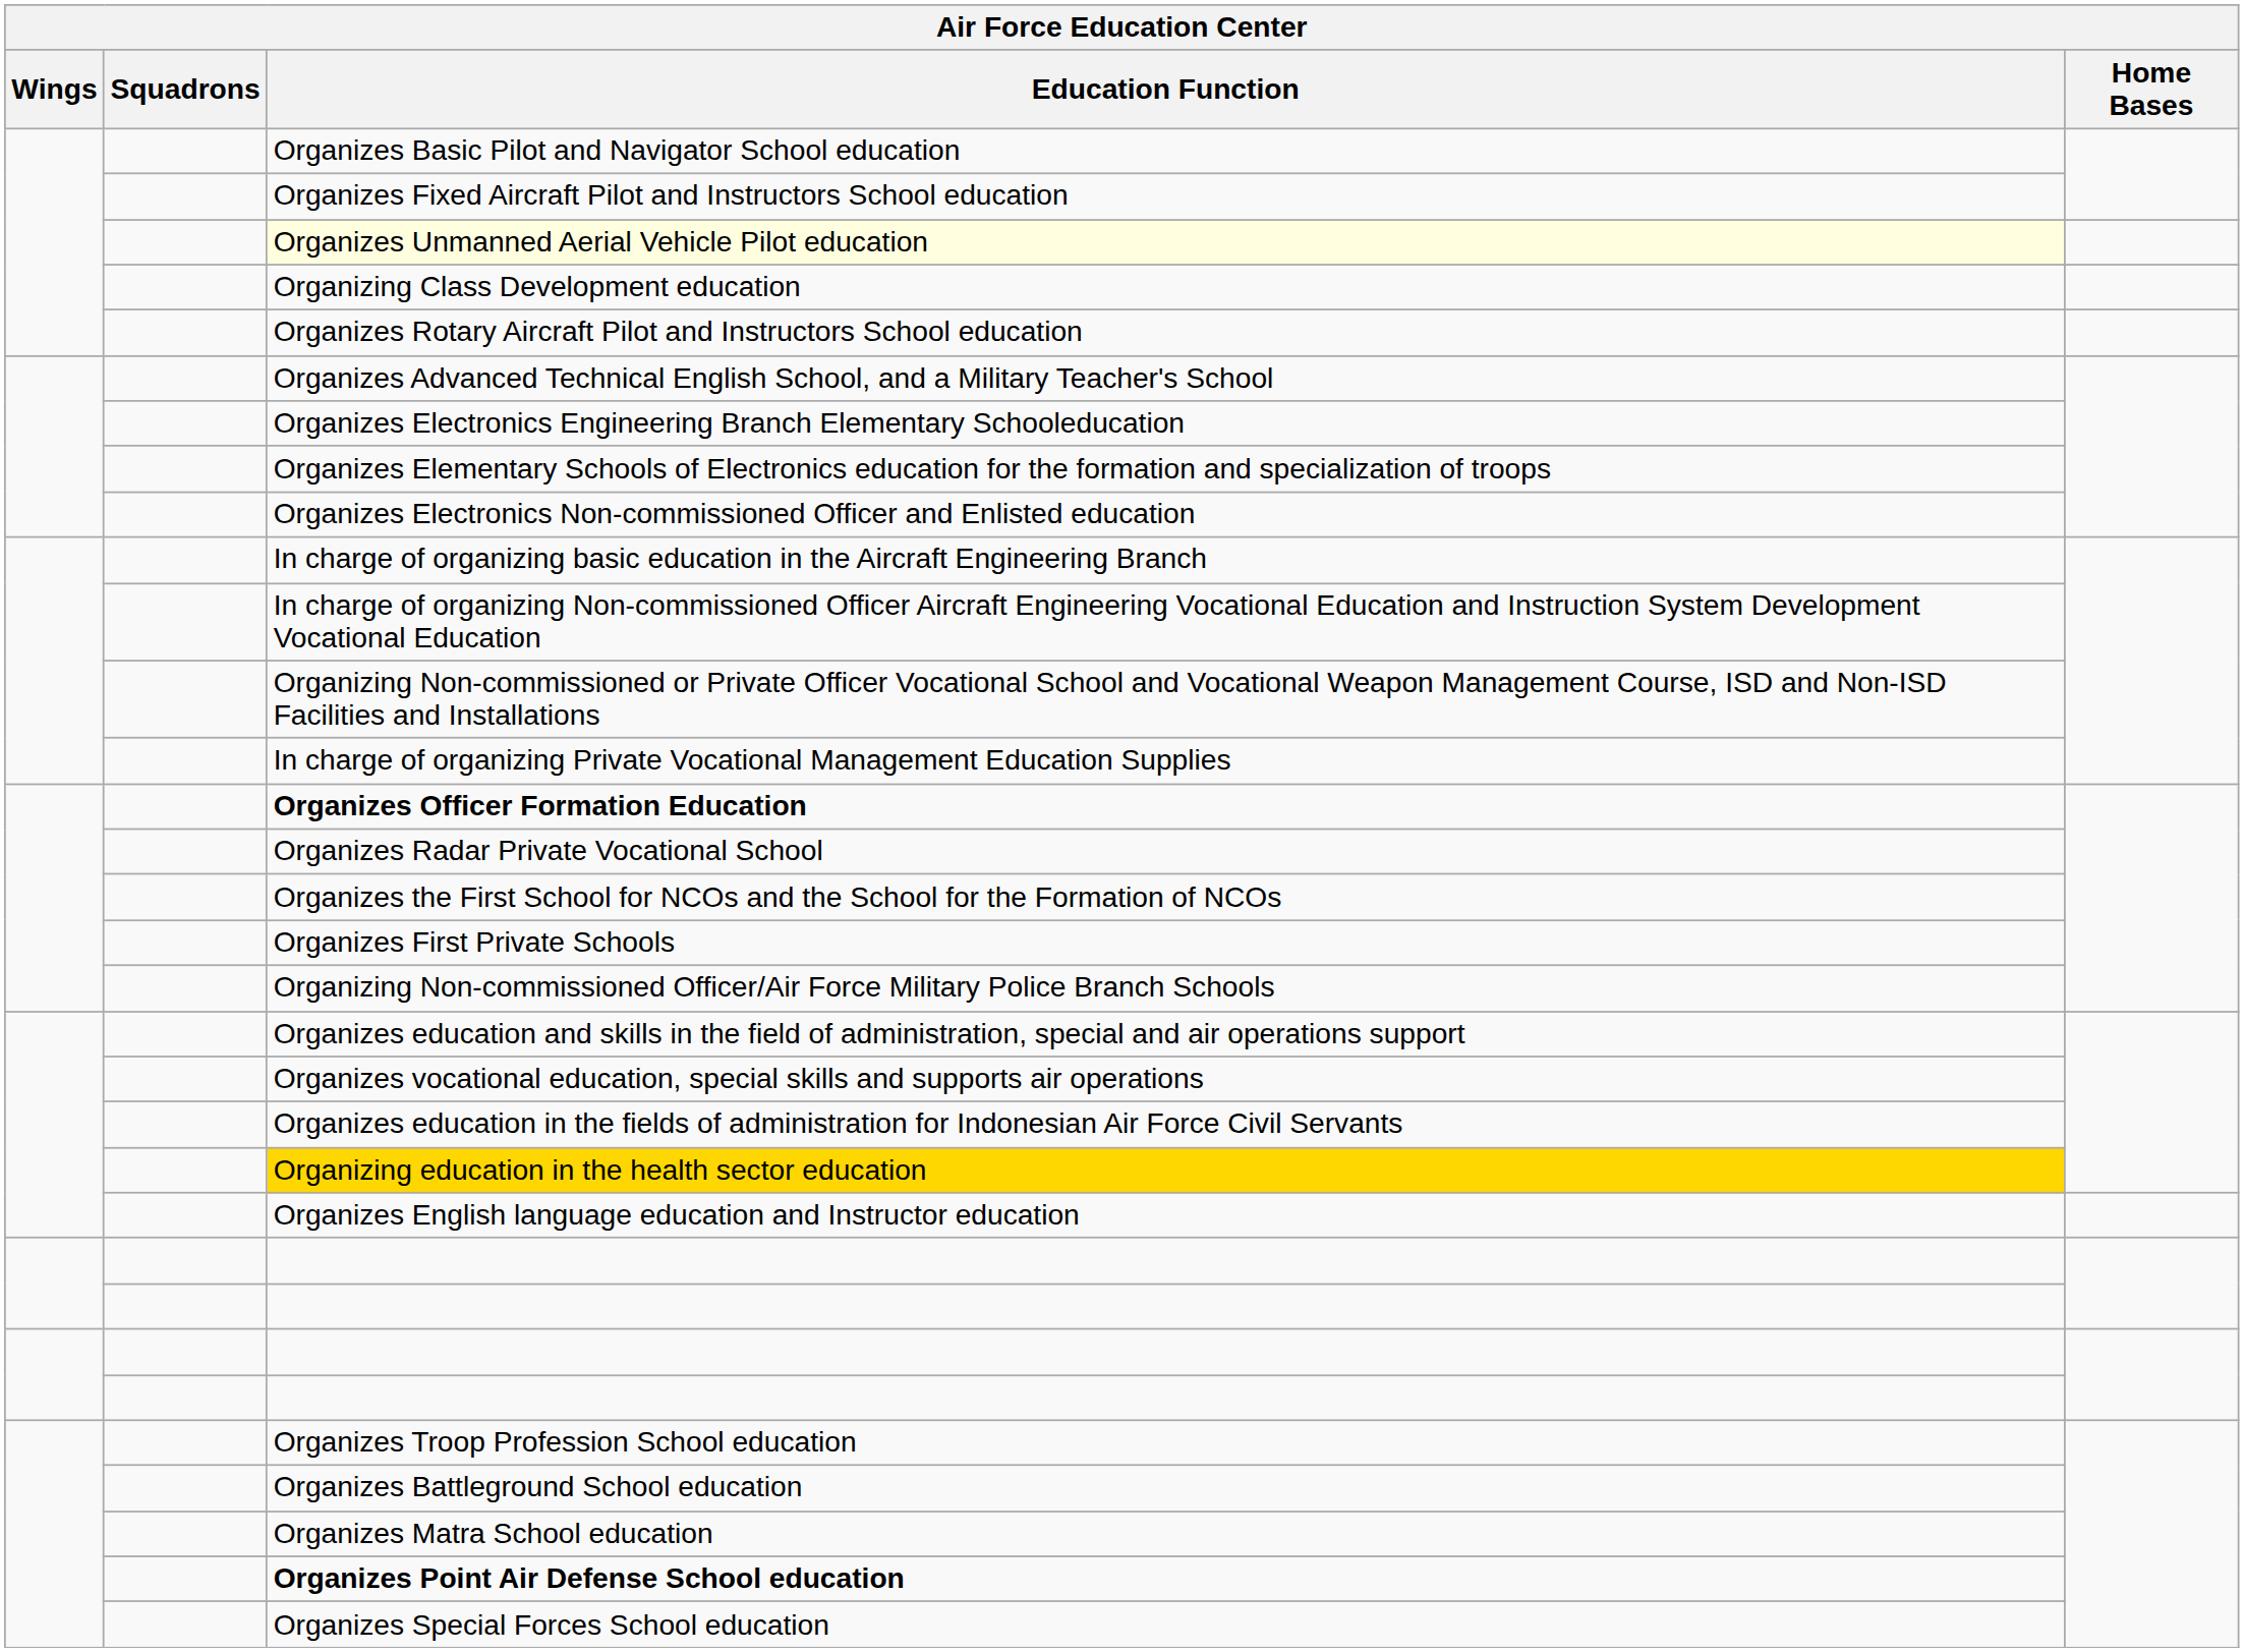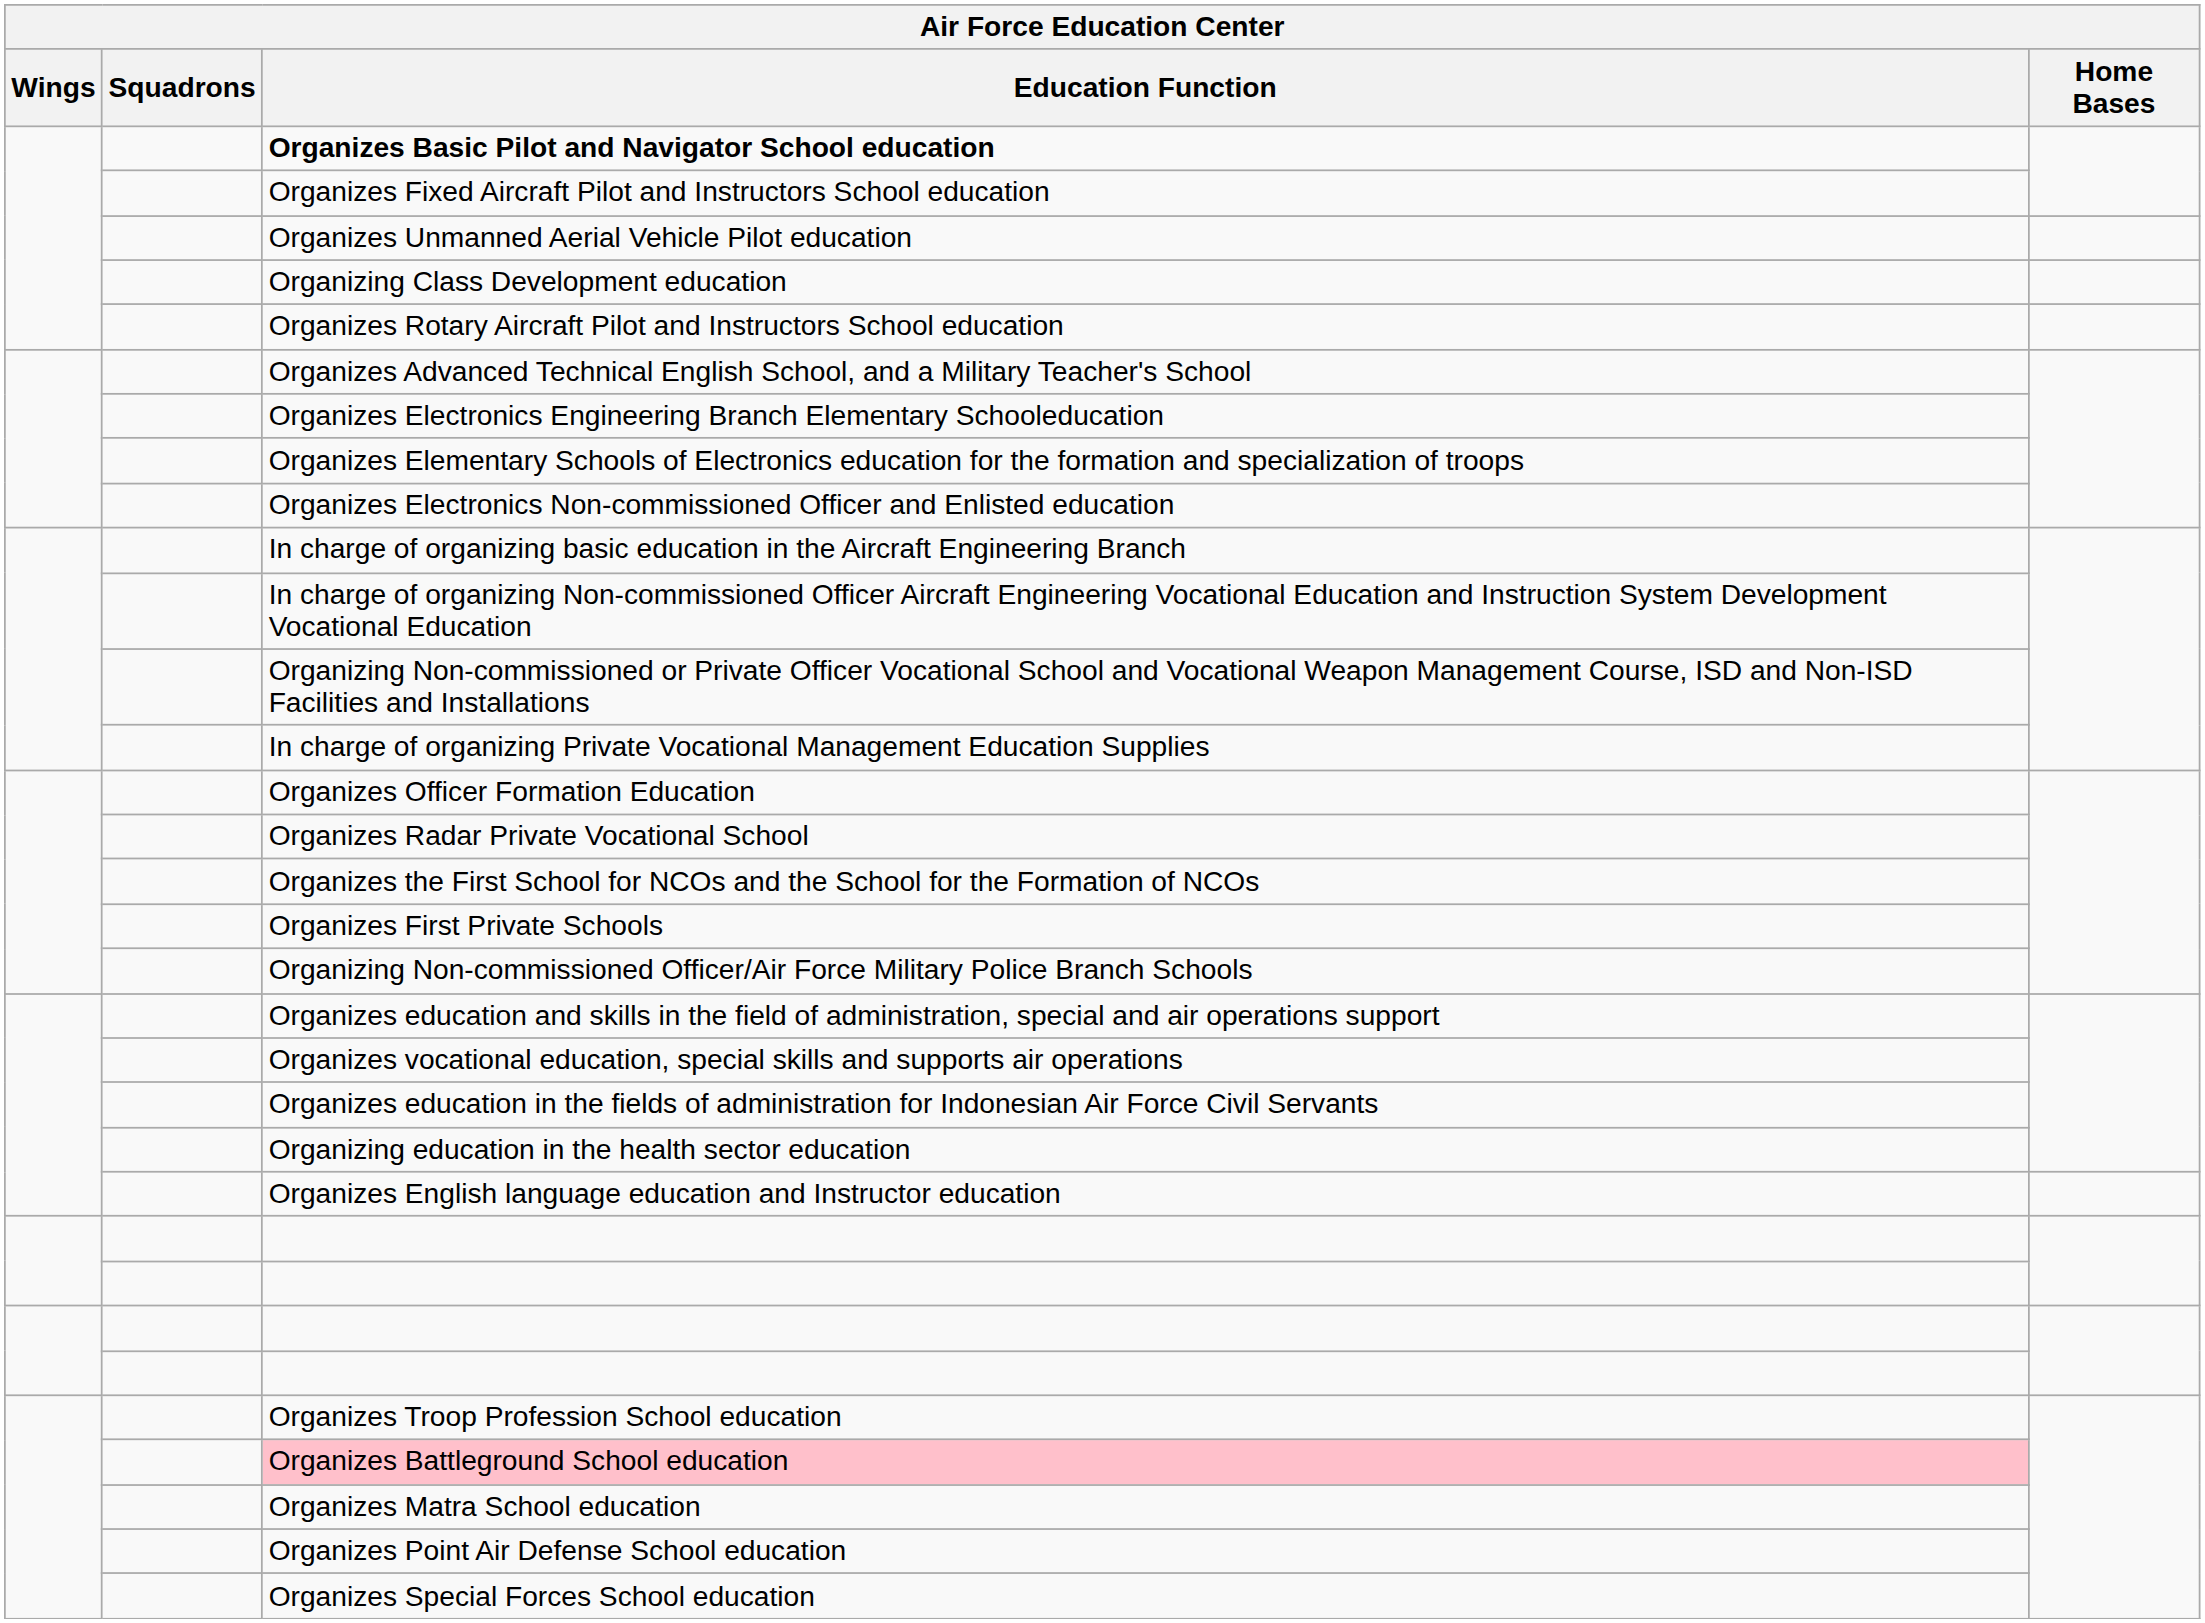 <table class="wikitable">
 <tr>
 <th colspan="5">Air Force Education Center</th>
 </tr>
 <tr>
 <th>Wings</th>
 <th>Squadrons</th>
 <th>Education Function</th>
 <th>Home Bases</th>
 </tr>
 <tr>
 <td rowspan="5"></td>
 <td><br></td>
-<td>Organizes Basic Pilot and Navigator School education</td>
+<td><strong>Organizes Basic Pilot and Navigator School education</strong></td>
 <td rowspan="2"></td>
 </tr>
 <tr>
 <td><br></td>
 <td>Organizes Fixed Aircraft Pilot and Instructors School education</td>
 </tr>
 <tr>
 <td><br></td>
-<td style="background: lightyellow;">Organizes Unmanned Aerial Vehicle Pilot education</td>
+<td>Organizes Unmanned Aerial Vehicle Pilot education</td>
 <td></td>
 </tr>
 <tr>
 <td><br></td>
 <td>Organizing Class Development education</td>
 <td></td>
 </tr>
 <tr>
 <td><br></td>
 <td>Organizes Rotary Aircraft Pilot and Instructors School education</td>
 <td></td>
 </tr>
 <tr>
 <td rowspan="4"></td>
 <td><br></td>
 <td>Organizes Advanced Technical English School, and a Military Teacher's School</td>
 <td rowspan="4"></td>
 </tr>
 <tr>
 <td><br></td>
 <td>Organizes Electronics Engineering Branch Elementary Schooleducation</td>
 </tr>
 <tr>
 <td><br></td>
 <td>Organizes Elementary Schools of Electronics education for the formation and specialization of troops</td>
 </tr>
 <tr>
 <td><br></td>
 <td>Organizes Electronics Non-commissioned Officer and Enlisted education</td>
 </tr>
 <tr>
 <td rowspan="4"></td>
 <td><br></td>
 <td>In charge of organizing basic education in the Aircraft Engineering Branch</td>
 <td rowspan="4"></td>
 </tr>
 <tr>
 <td><br></td>
 <td>In charge of organizing Non-commissioned Officer Aircraft Engineering Vocational Education and Instruction System Development Vocational Education</td>
 </tr>
 <tr>
 <td><br></td>
 <td>Organizing Non-commissioned or Private Officer Vocational School and Vocational Weapon Management Course, ISD and Non-ISD Facilities and Installations</td>
 </tr>
 <tr>
 <td><br></td>
 <td>In charge of organizing Private Vocational Management Education Supplies</td>
 </tr>
 <tr>
 <td rowspan="5"></td>
 <td><br></td>
-<td><strong>Organizes Officer Formation Education</strong></td>
+<td>Organizes Officer Formation Education</td>
 <td rowspan="5"></td>
 </tr>
 <tr>
 <td><br></td>
 <td>Organizes Radar Private Vocational School</td>
 </tr>
 <tr>
 <td><br></td>
 <td>Organizes the First School for NCOs and the School for the Formation of NCOs</td>
 </tr>
 <tr>
 <td><br></td>
 <td>Organizes First Private Schools</td>
 </tr>
 <tr>
 <td><br></td>
 <td>Organizing Non-commissioned Officer/Air Force Military Police Branch Schools</td>
 </tr>
 <tr>
 <td rowspan="5"></td>
 <td><br></td>
 <td>Organizes education and skills in the field of administration, special and air operations support</td>
 <td rowspan="4"></td>
 </tr>
 <tr>
 <td><br></td>
 <td>Organizes vocational education, special skills and supports air operations</td>
 </tr>
 <tr>
 <td><br></td>
 <td>Organizes education in the fields of administration for Indonesian Air Force Civil Servants</td>
 </tr>
 <tr>
 <td><br></td>
-<td style="background: gold;">Organizing education in the health sector education</td>
+<td>Organizing education in the health sector education</td>
 </tr>
 <tr>
 <td><br></td>
 <td>Organizes English language education and Instructor education</td>
 <td></td>
 </tr>
 <tr>
 <td rowspan="2"></td>
 <td><br></td>
 <td></td>
 <td rowspan="2"></td>
 </tr>
 <tr>
 <td><br></td>
 <td></td>
 </tr>
 <tr>
 <td rowspan="2"></td>
 <td><br></td>
 <td></td>
 <td rowspan="2"></td>
 </tr>
 <tr>
 <td><br></td>
 <td></td>
 </tr>
 <tr>
 <td rowspan="5"></td>
 <td><br></td>
 <td>Organizes Troop Profession School education</td>
 <td rowspan="5"></td>
 </tr>
 <tr>
 <td><br></td>
-<td>Organizes Battleground School education</td>
+<td style="background: pink;">Organizes Battleground School education</td>
 </tr>
 <tr>
 <td><br></td>
 <td>Organizes Matra School education</td>
 </tr>
 <tr>
 <td><br></td>
-<td><strong>Organizes Point Air Defense School education</strong></td>
+<td>Organizes Point Air Defense School education</td>
 </tr>
 <tr>
 <td><br></td>
 <td>Organizes Special Forces School education</td>
 </tr>
 </table>
